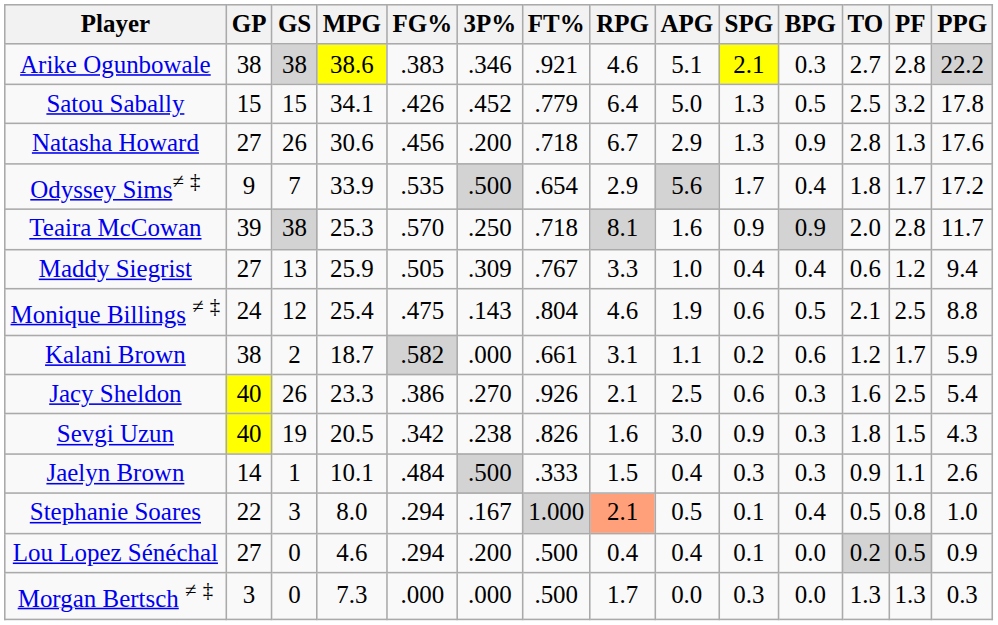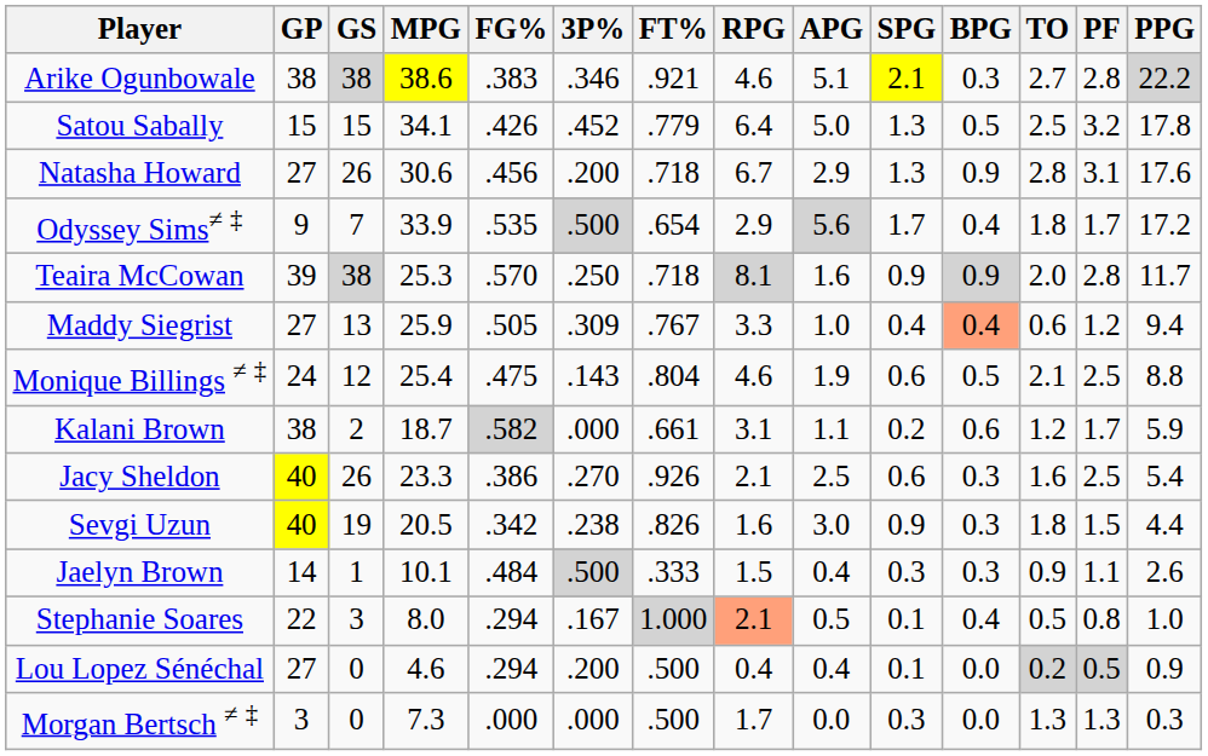 <table class="wikitable sortable" style="text-align:center;">
 <tr>
 <th>Player</th>
 <th>GP</th>
 <th>GS</th>
 <th>MPG</th>
 <th>FG%</th>
 <th>3P%</th>
 <th>FT%</th>
 <th>RPG</th>
 <th>APG</th>
 <th>SPG</th>
 <th>BPG</th>
 <th>TO</th>
 <th>PF</th>
 <th>PPG</th>
 </tr>
 <tr>
 <td><a href='#'>Arike Ogunbowale</a></td>
 <td>38</td>
 <td style="background:#D3D3D3;">38</td>
 <td style="background:yellow;">38.6</td>
 <td>.383</td>
 <td>.346</td>
 <td>.921</td>
 <td>4.6</td>
 <td>5.1</td>
 <td style="background:yellow;">2.1</td>
 <td>0.3</td>
 <td>2.7</td>
 <td>2.8</td>
 <td style="background:#D3D3D3;">22.2</td>
 </tr>
 <tr>
 <td><a href='#'>Satou Sabally</a></td>
 <td>15</td>
 <td>15</td>
 <td>34.1</td>
 <td>.426</td>
 <td>.452</td>
 <td>.779</td>
 <td>6.4</td>
 <td>5.0</td>
 <td>1.3</td>
 <td>0.5</td>
 <td>2.5</td>
 <td>3.2</td>
 <td>17.8</td>
 </tr>
 <tr>
 <td><a href='#'>Natasha Howard</a></td>
 <td>27</td>
 <td>26</td>
 <td>30.6</td>
 <td>.456</td>
 <td>.200</td>
 <td>.718</td>
 <td>6.7</td>
 <td>2.9</td>
 <td>1.3</td>
 <td>0.9</td>
 <td>2.8</td>
-<td>1.3</td>
+<td>3.1</td>
 <td>17.6</td>
 </tr>
 <tr>
 <td><a href='#'>Odyssey Sims</a><sup>≠</sup> <sup>‡</sup></td>
 <td>9</td>
 <td>7</td>
 <td>33.9</td>
 <td>.535</td>
 <td style="background:#D3D3D3;">.500</td>
 <td>.654</td>
 <td>2.9</td>
 <td style="background:#D3D3D3;">5.6</td>
 <td>1.7</td>
 <td>0.4</td>
 <td>1.8</td>
 <td>1.7</td>
 <td>17.2</td>
 </tr>
 <tr>
 <td><a href='#'>Teaira McCowan</a></td>
 <td>39</td>
 <td style="background:#D3D3D3;">38</td>
 <td>25.3</td>
 <td>.570</td>
 <td>.250</td>
 <td>.718</td>
 <td style="background:#D3D3D3;">8.1</td>
 <td>1.6</td>
 <td>0.9</td>
 <td style="background:#D3D3D3;">0.9</td>
 <td>2.0</td>
 <td>2.8</td>
 <td>11.7</td>
 </tr>
 <tr>
 <td><a href='#'>Maddy Siegrist</a></td>
 <td>27</td>
 <td>13</td>
 <td>25.9</td>
 <td>.505</td>
 <td>.309</td>
 <td>.767</td>
 <td>3.3</td>
 <td>1.0</td>
 <td>0.4</td>
-<td>0.4</td>
+<td style="background: lightsalmon;">0.4</td>
 <td>0.6</td>
 <td>1.2</td>
 <td>9.4</td>
 </tr>
 <tr>
 <td><a href='#'>Monique Billings</a> <sup>≠</sup> <sup>‡</sup></td>
 <td>24</td>
 <td>12</td>
 <td>25.4</td>
 <td>.475</td>
 <td>.143</td>
 <td>.804</td>
 <td>4.6</td>
 <td>1.9</td>
 <td>0.6</td>
 <td>0.5</td>
 <td>2.1</td>
 <td>2.5</td>
 <td>8.8</td>
 </tr>
 <tr>
 <td><a href='#'>Kalani Brown</a></td>
 <td>38</td>
 <td>2</td>
 <td>18.7</td>
 <td style="background:#D3D3D3;">.582</td>
 <td>.000</td>
 <td>.661</td>
 <td>3.1</td>
 <td>1.1</td>
 <td>0.2</td>
 <td>0.6</td>
 <td>1.2</td>
 <td>1.7</td>
 <td>5.9</td>
 </tr>
 <tr>
 <td><a href='#'>Jacy Sheldon</a></td>
 <td style="background:yellow;">40</td>
 <td>26</td>
 <td>23.3</td>
 <td>.386</td>
 <td>.270</td>
 <td>.926</td>
 <td>2.1</td>
 <td>2.5</td>
 <td>0.6</td>
 <td>0.3</td>
 <td>1.6</td>
 <td>2.5</td>
 <td>5.4</td>
 </tr>
 <tr>
 <td><a href='#'>Sevgi Uzun</a></td>
 <td style="background:yellow;">40</td>
 <td>19</td>
 <td>20.5</td>
 <td>.342</td>
 <td>.238</td>
 <td>.826</td>
 <td>1.6</td>
 <td>3.0</td>
 <td>0.9</td>
 <td>0.3</td>
 <td>1.8</td>
 <td>1.5</td>
-<td>4.3</td>
+<td>4.4</td>
 </tr>
 <tr>
 <td><a href='#'>Jaelyn Brown</a></td>
 <td>14</td>
 <td>1</td>
 <td>10.1</td>
 <td>.484</td>
 <td style="background:#D3D3D3;">.500</td>
 <td>.333</td>
 <td>1.5</td>
 <td>0.4</td>
 <td>0.3</td>
 <td>0.3</td>
 <td>0.9</td>
 <td>1.1</td>
 <td>2.6</td>
 </tr>
 <tr>
 <td><a href='#'>Stephanie Soares</a></td>
 <td>22</td>
 <td>3</td>
 <td>8.0</td>
 <td>.294</td>
 <td>.167</td>
 <td style="background:#D3D3D3;">1.000</td>
 <td style="background: lightsalmon;">2.1</td>
 <td>0.5</td>
 <td>0.1</td>
 <td>0.4</td>
 <td>0.5</td>
 <td>0.8</td>
 <td>1.0</td>
 </tr>
 <tr>
 <td><a href='#'>Lou Lopez Sénéchal</a></td>
 <td>27</td>
 <td>0</td>
 <td>4.6</td>
 <td>.294</td>
 <td>.200</td>
 <td>.500</td>
 <td>0.4</td>
 <td>0.4</td>
 <td>0.1</td>
 <td>0.0</td>
 <td style="background:#D3D3D3;">0.2</td>
 <td style="background:#D3D3D3;">0.5</td>
 <td>0.9</td>
 </tr>
 <tr>
 <td><a href='#'>Morgan Bertsch</a> <sup>≠</sup> <sup>‡</sup></td>
 <td>3</td>
 <td>0</td>
 <td>7.3</td>
 <td>.000</td>
 <td>.000</td>
 <td>.500</td>
 <td>1.7</td>
 <td>0.0</td>
 <td>0.3</td>
 <td>0.0</td>
 <td>1.3</td>
 <td>1.3</td>
 <td>0.3</td>
 </tr>
 </table>
